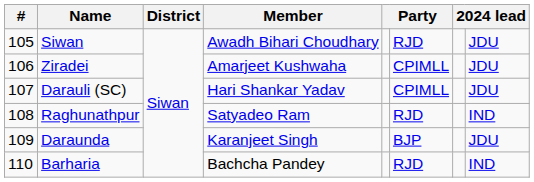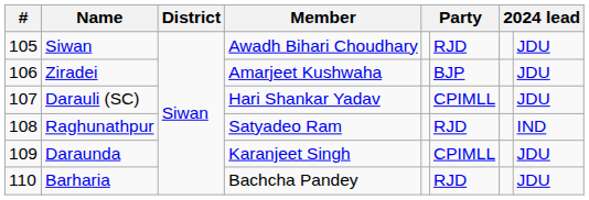 <table class="wikitable">
 <tr>
 <th>#</th>
 <th>Name</th>
 <th>District</th>
 <th>Member</th>
 <th colspan="2">Party</th>
 <th colspan="2">2024 lead</th>
 </tr>
 <tr>
 <td>105</td>
 <td><a href='#'>Siwan</a></td>
 <td rowspan="6"><a href='#'>Siwan</a></td>
 <td><a href='#'>Awadh Bihari Choudhary</a></td>
 <td style="background-color: "></td>
 <td><a href='#'>RJD</a></td>
 <td style="background-color: "></td>
 <td><a href='#'>JDU</a></td>
 </tr>
 <tr>
 <td>106</td>
 <td><a href='#'>Ziradei</a></td>
 <td><a href='#'>Amarjeet Kushwaha</a></td>
 <td style="background-color:"></td>
-<td><a href='#'>CPIMLL</a></td>
+<td><a href='#'>BJP</a></td>
 <td style="background-color: "></td>
 <td><a href='#'>JDU</a></td>
 </tr>
 <tr>
 <td>107</td>
 <td><a href='#'>Darauli</a> (SC)</td>
 <td><a href='#'>Hari Shankar Yadav</a></td>
 <td style="background-color:"></td>
 <td><a href='#'>CPIMLL</a></td>
 <td style="background-color: "></td>
 <td><a href='#'>JDU</a></td>
 </tr>
 <tr>
 <td>108</td>
 <td><a href='#'>Raghunathpur</a></td>
 <td><a href='#'>Satyadeo Ram</a></td>
 <td style="background-color: "></td>
 <td><a href='#'>RJD</a></td>
 <td style="background-color: "></td>
 <td><a href='#'>IND</a></td>
 </tr>
 <tr>
 <td>109</td>
 <td><a href='#'>Daraunda</a></td>
 <td><a href='#'>Karanjeet Singh</a></td>
 <td style="background-color: "></td>
-<td><a href='#'>BJP</a></td>
+<td><a href='#'>CPIMLL</a></td>
 <td style="background-color: "></td>
 <td><a href='#'>JDU</a></td>
 </tr>
 <tr>
 <td>110</td>
 <td><a href='#'>Barharia</a></td>
 <td>Bachcha Pandey</td>
 <td style="background-color: "></td>
 <td><a href='#'>RJD</a></td>
 <td style="background-color: "></td>
-<td><a href='#'>IND</a></td>
+<td><a href='#'>JDU</a></td>
 </tr>
 </table>
